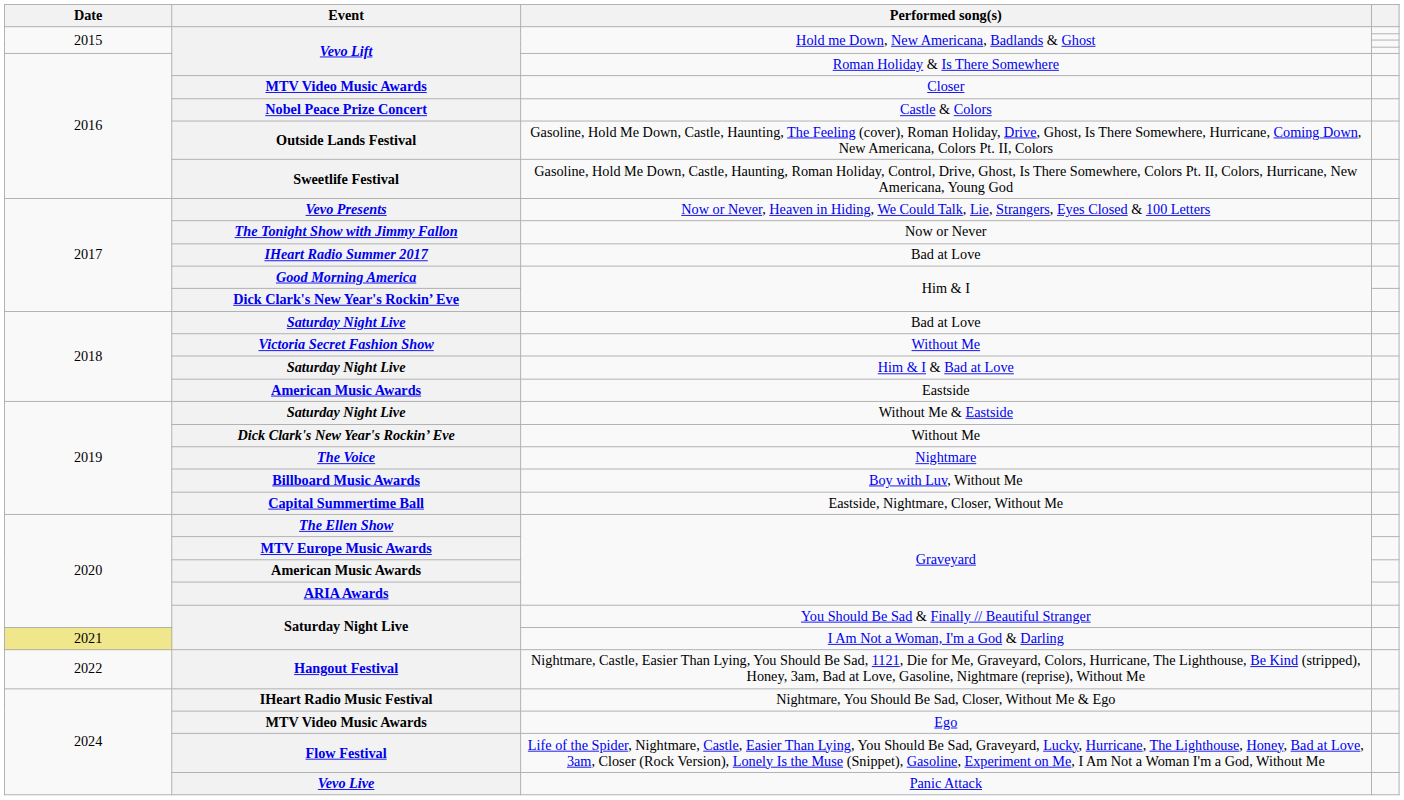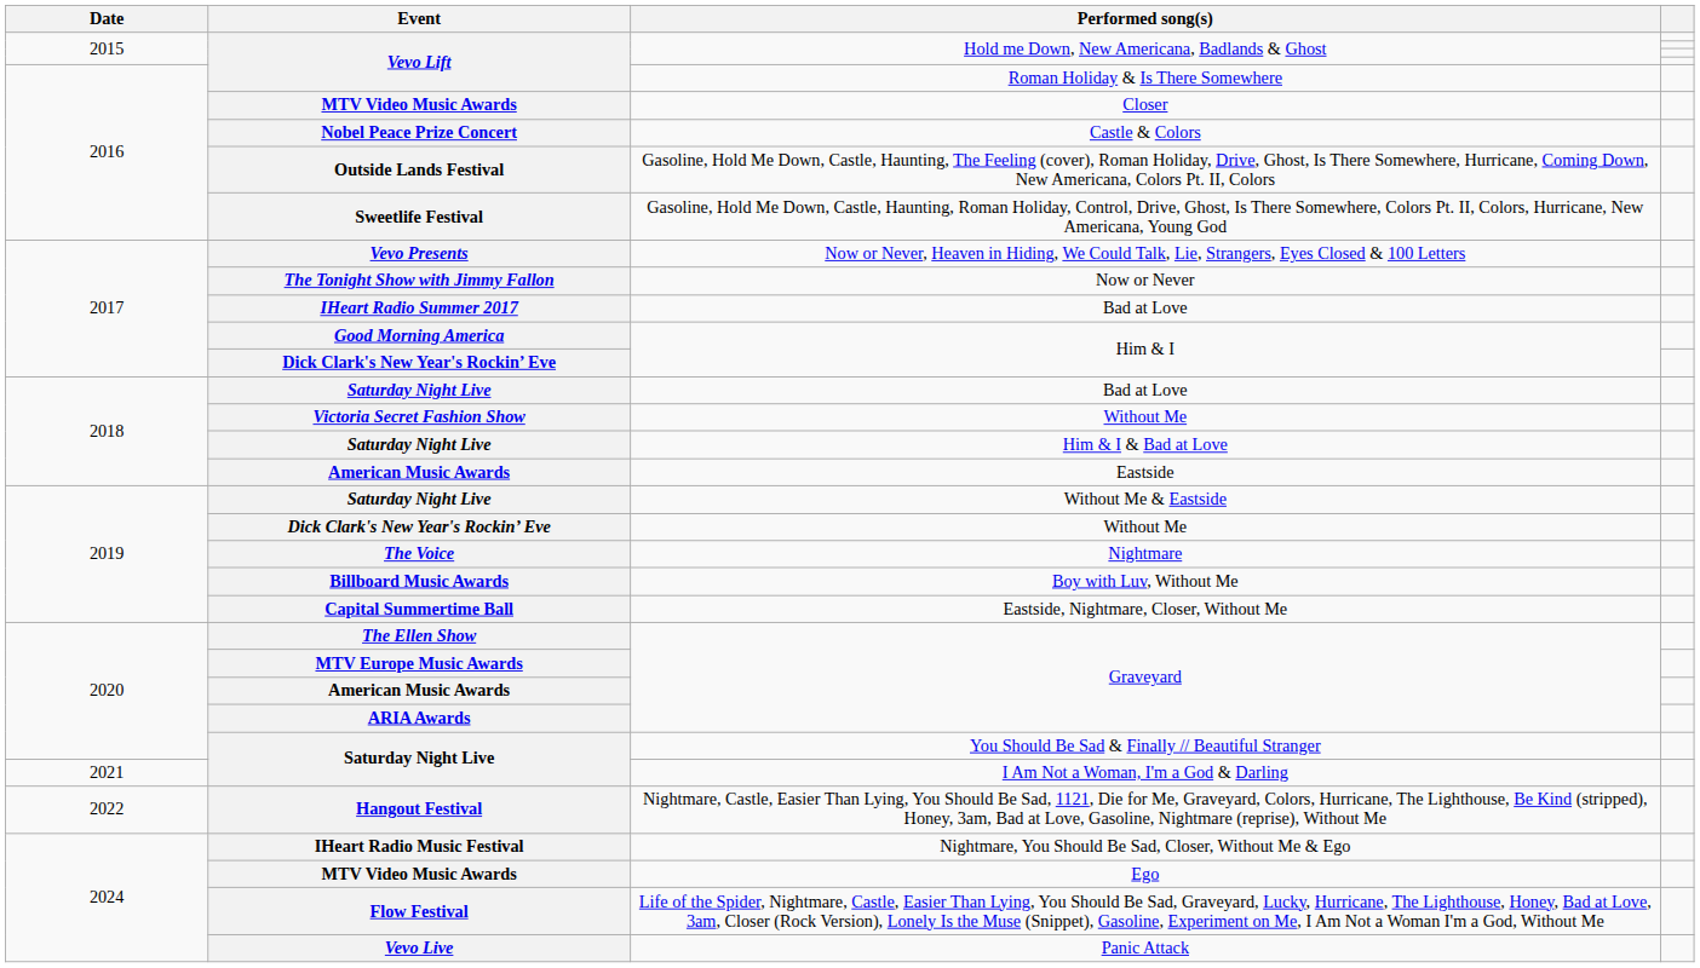 <table class="wikitable sortable plainrowheaders" style="text-align:center;">
 <tr>
 <th style="width:12%;">Date</th>
 <th style="width:25%;">Event</th>
 <th>Performed song(s)</th>
 <th style="width:2%;"></th>
 </tr>
 <tr>
 <td rowspan="4">2015</td>
 <th rowspan="5" scope="row"><em><a href='#'>Vevo Lift</a></em></th>
 <td rowspan="4"><a href='#'>Hold me Down</a>, <a href='#'>New Americana</a>, <a href='#'>Badlands</a> & <a href='#'>Ghost</a></td>
 <td></td>
 </tr>
 <tr>
 <td></td>
 </tr>
 <tr>
 <td></td>
 </tr>
 <tr>
 <td></td>
 </tr>
 <tr>
 <td rowspan="5">2016</td>
 <td><a href='#'>Roman Holiday</a> & <a href='#'>Is There Somewhere</a></td>
 <td></td>
 </tr>
 <tr>
 <th scope="row"><a href='#'>MTV Video Music Awards</a></th>
 <td><a href='#'>Closer</a></td>
 <td></td>
 </tr>
 <tr>
 <th scope="row"><a href='#'>Nobel Peace Prize Concert</a></th>
 <td><a href='#'>Castle</a> & <a href='#'>Colors</a></td>
 <td></td>
 </tr>
 <tr>
 <th scope="row">Outside Lands Festival</th>
 <td>Gasoline, Hold Me Down, Castle, Haunting, <a href='#'>The Feeling</a> (cover), Roman Holiday, <a href='#'>Drive</a>, Ghost, Is There Somewhere, Hurricane, <a href='#'>Coming Down</a>, New Americana, Colors Pt. II, Colors</td>
 <td></td>
 </tr>
 <tr>
 <th scope="row">Sweetlife Festival</th>
 <td>Gasoline, Hold Me Down, Castle, Haunting, Roman Holiday, Control, Drive, Ghost, Is There Somewhere, Colors Pt. II, Colors, Hurricane, New Americana, Young God</td>
 <td></td>
 </tr>
 <tr>
 <td rowspan="5">2017</td>
 <th scope="row"><a href='#'><em>Vevo Presents</em></a></th>
 <td><a href='#'>Now or Never</a>, <a href='#'>Heaven in Hiding</a>, <a href='#'>We Could Talk</a>, <a href='#'>Lie</a>, <a href='#'>Strangers</a>, <a href='#'>Eyes Closed</a> & <a href='#'>100 Letters</a></td>
 <td></td>
 </tr>
 <tr>
 <th scope="row"><em><a href='#'>The Tonight Show with Jimmy Fallon</a></em></th>
 <td>Now or Never</td>
 <td></td>
 </tr>
 <tr>
 <th scope="row"><a href='#'><em>IHeart Radio Summer 2017</em></a></th>
 <td>Bad at Love</td>
 <td></td>
 </tr>
 <tr>
 <th scope="row"><em><a href='#'>Good Morning America</a></em></th>
 <td rowspan="2">Him & I</td>
 <td></td>
 </tr>
 <tr>
 <th scope="row"><a href='#'>Dick Clark's New Year's Rockin’ Eve</a></th>
 <td></td>
 </tr>
 <tr>
 <td rowspan="4">2018</td>
 <th scope="row"><em><a href='#'>Saturday Night Live</a></em></th>
 <td>Bad at Love</td>
 <td></td>
 </tr>
 <tr>
 <th scope="row"><em><a href='#'>Victoria Secret Fashion Show</a></em></th>
 <td><a href='#'>Without Me</a></td>
 <td></td>
 </tr>
 <tr>
 <th scope="row"><em>Saturday Night Live</em></th>
 <td><a href='#'>Him & I</a> & <a href='#'>Bad at Love</a></td>
 <td></td>
 </tr>
 <tr>
 <th scope="row"><a href='#'>American Music Awards</a></th>
 <td>Eastside</td>
 <td></td>
 </tr>
 <tr>
 <td rowspan="5">2019</td>
 <th scope="row"><em>Saturday Night Live</em></th>
 <td>Without Me & <a href='#'>Eastside</a></td>
 <td></td>
 </tr>
 <tr>
 <th scope="row"><em>Dick Clark's New Year's Rockin’ Eve</em></th>
 <td>Without Me</td>
 <td></td>
 </tr>
 <tr>
 <th scope="row"><em><a href='#'>The Voice</a></em></th>
 <td><a href='#'>Nightmare</a></td>
 <td></td>
 </tr>
 <tr>
 <th scope="row"><a href='#'>Billboard Music Awards</a></th>
 <td><a href='#'>Boy with Luv</a>, Without Me</td>
 <td></td>
 </tr>
 <tr>
 <th scope="row"><a href='#'>Capital Summertime Ball</a></th>
 <td>Eastside, Nightmare, Closer, Without Me</td>
 <td></td>
 </tr>
 <tr>
 <td rowspan="5">2020</td>
 <th scope="row"><em><a href='#'>The Ellen Show</a></em></th>
 <td rowspan="4"><a href='#'>Graveyard</a></td>
 <td></td>
 </tr>
 <tr>
 <th scope="row"><a href='#'>MTV Europe Music Awards</a></th>
 <td></td>
 </tr>
 <tr>
 <th scope="row">American Music Awards</th>
 <td></td>
 </tr>
 <tr>
 <th scope="row"><a href='#'>ARIA Awards</a></th>
 <td></td>
 </tr>
 <tr>
 <th rowspan="2" scope="row">Saturday Night Live</th>
 <td><a href='#'>You Should Be Sad</a> & <a href='#'>Finally // Beautiful Stranger</a></td>
 <td></td>
 </tr>
 <tr>
-<td style="background: khaki;">2021</td>
+<td>2021</td>
 <td><a href='#'>I Am Not a Woman, I'm a God</a> & <a href='#'>Darling</a></td>
 <td></td>
 </tr>
 <tr>
 <td>2022</td>
 <th scope="row"><a href='#'>Hangout Festival</a></th>
 <td>Nightmare, Castle, Easier Than Lying, You Should Be Sad, <a href='#'>1121</a>, Die for Me, Graveyard, Colors, Hurricane, The Lighthouse, <a href='#'>Be Kind</a> (stripped), Honey, 3am, Bad at Love, Gasoline, Nightmare (reprise), Without Me</td>
 <td></td>
 </tr>
 <tr>
 <td rowspan="4">2024</td>
 <th scope="row">IHeart Radio Music Festival</th>
 <td>Nightmare, You Should Be Sad, Closer, Without Me & Ego</td>
 <td></td>
 </tr>
 <tr>
 <th scope="row">MTV Video Music Awards</th>
 <td><a href='#'>Ego</a></td>
 <td></td>
 </tr>
 <tr>
 <th scope="row"><a href='#'>Flow Festival</a></th>
 <td><a href='#'>Life of the Spider</a>, Nightmare, <a href='#'>Castle</a>, <a href='#'>Easier Than Lying</a>, You Should Be Sad, Graveyard, <a href='#'>Lucky</a>, <a href='#'>Hurricane</a>, <a href='#'>The Lighthouse</a>, <a href='#'>Honey</a>, <a href='#'>Bad at Love</a>, <a href='#'>3am</a>, Closer (Rock Version), <a href='#'>Lonely Is the Muse</a> (Snippet), <a href='#'>Gasoline</a>, <a href='#'>Experiment on Me</a>, I Am Not a Woman I'm a God, Without Me</td>
 <td></td>
 </tr>
 <tr>
 <th scope="row"><em><a href='#'>Vevo Live</a></em></th>
 <td><a href='#'>Panic Attack</a></td>
 <td></td>
 </tr>
 </table>
